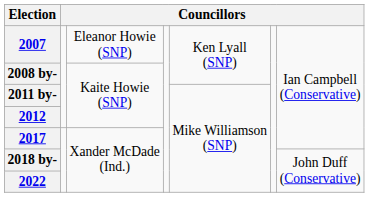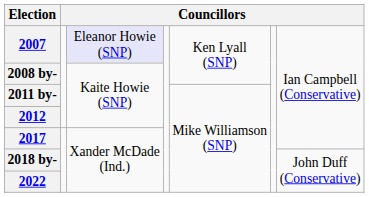 <table class="wikitable" style="text-align:center">
 <tr>
 <th>Election</th>
 <th colspan=8>Councillors</th>
 </tr>
 <tr>
 <th><a href='#'>2007</a></th>
 <td rowspan=4; style="background-color: "></td>
-<td rowspan=1>Eleanor Howie<br>(<a href='#'>SNP</a>)</td>
+<td rowspan=1 style="background: lavender;">Eleanor Howie<br>(<a href='#'>SNP</a>)</td>
 <td rowspan=7; style="background-color: "></td>
 <td rowspan=2>Ken Lyall<br>(<a href='#'>SNP</a>)</td>
 <td rowspan=7; style="background-color: "></td>
 <td rowspan=5>Ian Campbell<br>(<a href='#'>Conservative</a>)</td>
 </tr>
 <tr>
 <th>2008 by-</th>
 <td rowspan=3>Kaite Howie<br>(<a href='#'>SNP</a>)</td>
 </tr>
 <tr>
 <th>2011 by-</th>
 <td rowspan=5>Mike Williamson<br>(<a href='#'>SNP</a>)</td>
 </tr>
 <tr>
 <th><a href='#'>2012</a></th>
 </tr>
 <tr>
 <th><a href='#'>2017</a></th>
 <td rowspan=3; style="background-color: "></td>
 <td rowspan=3>Xander McDade<br>(Ind.)</td>
 </tr>
 <tr>
 <th>2018 by-</th>
 <td rowspan=2>John Duff<br>(<a href='#'>Conservative</a>)</td>
 </tr>
 <tr>
 <th><a href='#'>2022</a></th>
 </tr>
 </table>
